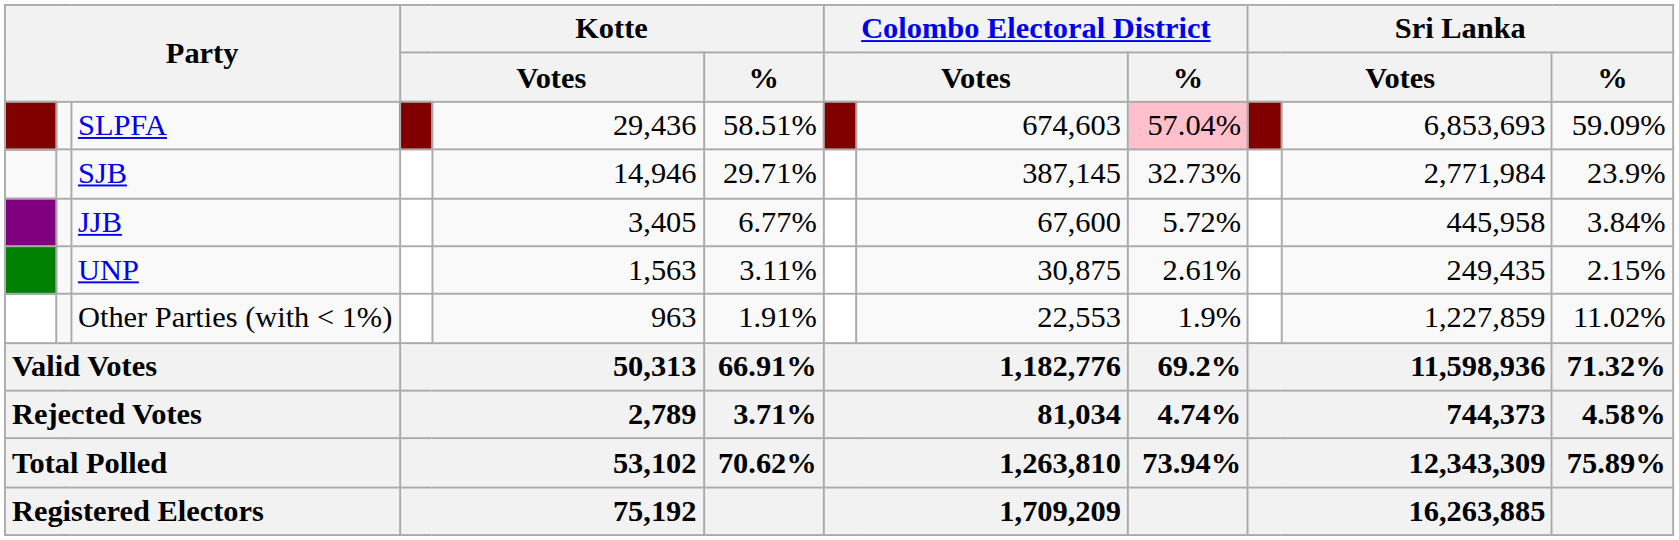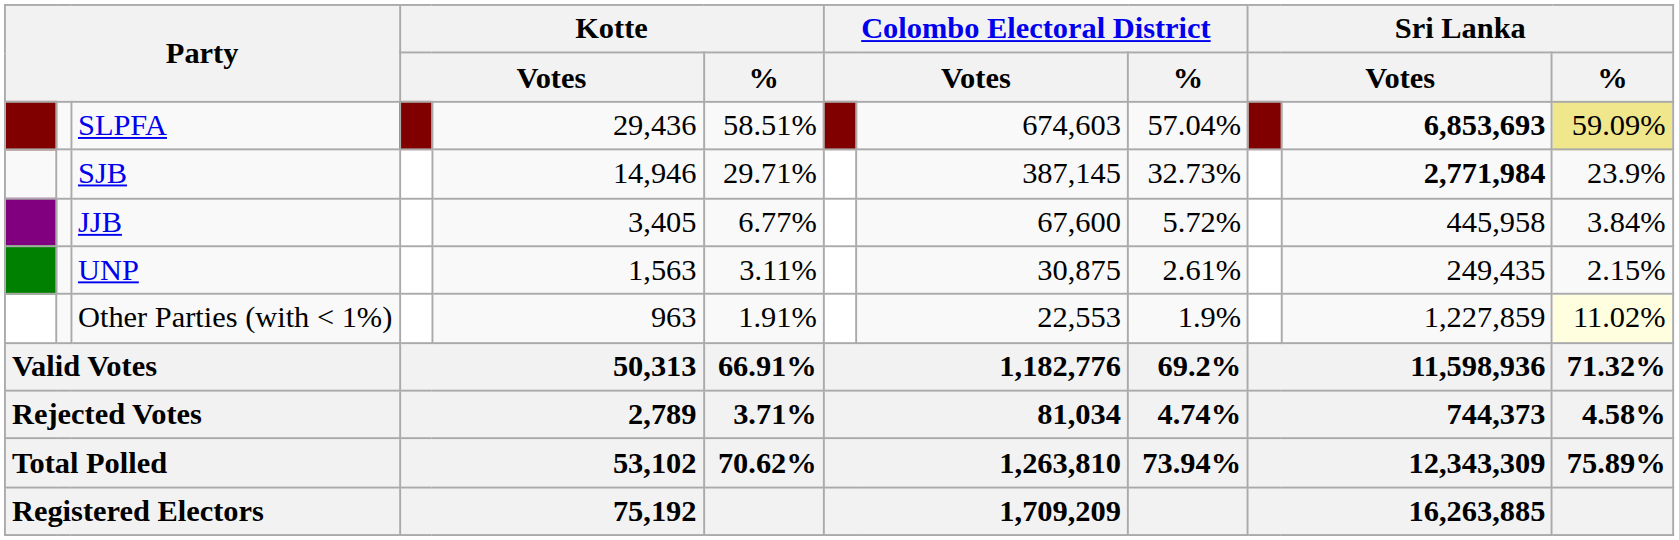 <table class="wikitable">
 <tr>
 <th colspan="3" width="144px"rowspan="2">Party</th>
 <th colspan="3" width="216px">Kotte</th>
 <th colspan="3" width="216px"><a href='#'>Colombo Electoral District</a></th>
 <th colspan="3" width="216px">Sri Lanka</th>
 </tr>
 <tr>
 <th colspan="2" width="144px">Votes</th>
 <th>%</th>
 <th colspan="2" width="144px">Votes</th>
 <th>%</th>
 <th colspan="2" width="144px">Votes</th>
 <th>%</th>
 </tr>
 <tr>
 <td style="background-color:maroon;" width="20px"></td>
 <td></td>
 <td style="text-align:left;"><a href='#'>SLPFA</a></td>
 <td style="background-color:maroon;" width="10px"></td>
 <td style="text-align:right;">29,436</td>
 <td style="text-align:right;">58.51%</td>
 <td style="background-color:maroon;" width="10px"></td>
 <td style="text-align:right;">674,603</td>
-<td style="background: pink; text-align:right;">57.04%</td>
+<td style="text-align:right;">57.04%</td>
 <td style="background-color:maroon;" width="10px"></td>
-<td style="text-align:right;">6,853,693</td>
-<td style="text-align:right;">59.09%</td>
+<td style="text-align:right;"><strong>6,853,693</strong></td>
+<td style="background: khaki; text-align:right;">59.09%</td>
 </tr>
 <tr>
 <td style="background-color:"></td>
 <td></td>
 <td style="text-align:left;"><a href='#'>SJB</a></td>
 <td style="background-color:white;" width="10px"></td>
 <td style="text-align:right;">14,946</td>
 <td style="text-align:right;">29.71%</td>
 <td style="background-color:white;" width="10px"></td>
 <td style="text-align:right;">387,145</td>
 <td style="text-align:right;">32.73%</td>
 <td style="background-color:white;" width="10px"></td>
-<td style="text-align:right;">2,771,984</td>
+<td style="text-align:right;"><strong>2,771,984</strong></td>
 <td style="text-align:right;">23.9%</td>
 </tr>
 <tr>
 <td style="background-color:purple;" width="20px"></td>
 <td></td>
 <td style="text-align:left;"><a href='#'>JJB</a></td>
 <td style="background-color:white;" width="10px"></td>
 <td style="text-align:right;">3,405</td>
 <td style="text-align:right;">6.77%</td>
 <td style="background-color:white;" width="10px"></td>
 <td style="text-align:right;">67,600</td>
 <td style="text-align:right;">5.72%</td>
 <td style="background-color:white;" width="10px"></td>
 <td style="text-align:right;">445,958</td>
 <td style="text-align:right;">3.84%</td>
 </tr>
 <tr>
 <td style="background-color:green;" width="20px"></td>
 <td></td>
 <td style="text-align:left;"><a href='#'>UNP</a></td>
 <td style="background-color:white;" width="10px"></td>
 <td style="text-align:right;">1,563</td>
 <td style="text-align:right;">3.11%</td>
 <td style="background-color:white;" width="10px"></td>
 <td style="text-align:right;">30,875</td>
 <td style="text-align:right;">2.61%</td>
 <td style="background-color:white;" width="10px"></td>
 <td style="text-align:right;">249,435</td>
 <td style="text-align:right;">2.15%</td>
 </tr>
 <tr>
 <td style="background-color:white;" width="20px"></td>
 <td></td>
 <td style="text-align:left;">Other Parties (with < 1%)</td>
 <td style="background-color:white;" width="10px"></td>
 <td style="text-align:right;">963</td>
 <td style="text-align:right;">1.91%</td>
 <td style="background-color:white;" width="10px"></td>
 <td style="text-align:right;">22,553</td>
 <td style="text-align:right;">1.9%</td>
 <td style="background-color:white;" width="10px"></td>
 <td style="text-align:right;">1,227,859</td>
-<td style="text-align:right;">11.02%</td>
+<td style="background: lightyellow; text-align:right;">11.02%</td>
 </tr>
 <tr>
 <th colspan="3" width="144px"style="text-align:left;">Valid Votes</th>
 <th style="text-align:right;"colspan="2" width="144px">50,313</th>
 <th style="text-align:right;">66.91%</th>
 <th style="text-align:right;"colspan="2" width="144px">1,182,776</th>
 <th style="text-align:right;">69.2%</th>
 <th style="text-align:right;"colspan="2" width="144px">11,598,936</th>
 <th style="text-align:right;">71.32%</th>
 </tr>
 <tr>
 <th colspan="3" width="144px"style="text-align:left;">Rejected Votes</th>
 <th style="text-align:right;"colspan="2" width="144px">2,789</th>
 <th style="text-align:right;">3.71%</th>
 <th style="text-align:right;"colspan="2" width="144px">81,034</th>
 <th style="text-align:right;">4.74%</th>
 <th style="text-align:right;"colspan="2" width="144px">744,373</th>
 <th style="text-align:right;">4.58%</th>
 </tr>
 <tr>
 <th colspan="3" width="144px"style="text-align:left;">Total Polled</th>
 <th style="text-align:right;"colspan="2" width="144px">53,102</th>
 <th style="text-align:right;">70.62%</th>
 <th style="text-align:right;"colspan="2" width="144px">1,263,810</th>
 <th style="text-align:right;">73.94%</th>
 <th style="text-align:right;"colspan="2" width="144px">12,343,309</th>
 <th style="text-align:right;">75.89%</th>
 </tr>
 <tr>
 <th colspan="3" width="144px"style="text-align:left;">Registered Electors</th>
 <th style="text-align:right;"colspan="2" width="144px">75,192</th>
 <th></th>
 <th style="text-align:right;"colspan="2" width="144px">1,709,209</th>
 <th></th>
 <th style="text-align:right;"colspan="2" width="144px">16,263,885</th>
 <th></th>
 </tr>
 </table>
